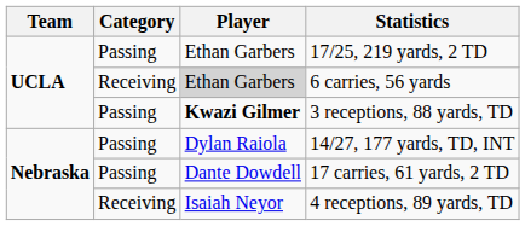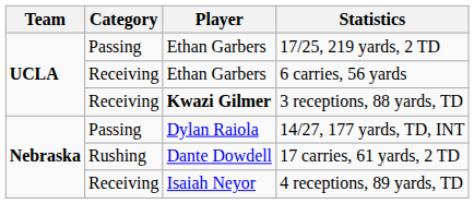 <table class="wikitable" style="float: right;">
 <tr>
 <th>Team</th>
 <th>Category</th>
 <th>Player</th>
 <th>Statistics</th>
 </tr>
 <tr>
 <td rowspan=3><strong>UCLA</strong></td>
 <td>Passing</td>
 <td>Ethan Garbers</td>
 <td>17/25, 219 yards, 2 TD</td>
 </tr>
 <tr>
 <td>Receiving</td>
-<td style="background: lightgrey;">Ethan Garbers</td>
+<td>Ethan Garbers</td>
 <td>6 carries, 56 yards</td>
 </tr>
 <tr>
-<td>Passing</td>
+<td>Receiving</td>
 <td><strong>Kwazi Gilmer</strong></td>
 <td>3 receptions, 88 yards, TD</td>
 </tr>
 <tr>
 <td rowspan=3><strong>Nebraska</strong></td>
 <td>Passing</td>
 <td><a href='#'>Dylan Raiola</a></td>
 <td>14/27, 177 yards, TD, INT</td>
 </tr>
 <tr>
-<td>Passing</td>
+<td>Rushing</td>
 <td><a href='#'>Dante Dowdell</a></td>
 <td>17 carries, 61 yards, 2 TD</td>
 </tr>
 <tr>
 <td>Receiving</td>
 <td><a href='#'>Isaiah Neyor</a></td>
 <td>4 receptions, 89 yards, TD</td>
 </tr>
 </table>
